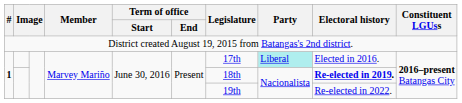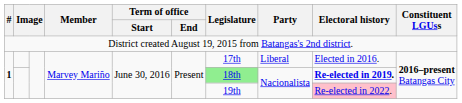 <table class="wikitable">
 <tr>
 <th rowspan="2">#</th>
 <th rowspan="2" colspan=2>Image</th>
 <th rowspan="2">Member</th>
 <th colspan="2">Term of office</th>
 <th rowspan="2">Legislature</th>
 <th rowspan="2">Party</th>
 <th rowspan="2">Electoral history</th>
 <th rowspan="2">Constituent<br><a href='#'>LGUs</a>s</th>
 </tr>
 <tr>
 <th>Start</th>
 <th>End</th>
 </tr>
 <tr>
 <td colspan="10" style="text-align:center;">District created August 19, 2015 from <a href='#'>Batangas's 2nd district</a>.</td>
 </tr>
 <tr>
 <td rowspan="3" style="text-align:center;"><strong>1</strong></td>
 <td style="color:inherit;background:"></td>
 <td rowspan="3"></td>
 <td rowspan="3"><a href='#'>Marvey Mariño</a></td>
 <td rowspan="3">June 30, 2016</td>
 <td rowspan="3">Present</td>
 <td style="text-align:center;"><a href='#'>17th</a></td>
-<td style="background: paleturquoise;"><a href='#'>Liberal</a></td>
+<td><a href='#'>Liberal</a></td>
 <td><a href='#'>Elected in 2016</a>.</td>
 <td rowspan="3" style="text-align:center;"><strong>2016–present</strong><br><a href='#'>Batangas City</a></td>
 </tr>
 <tr>
 <td rowspan="2" style="color:inherit;background:"></td>
-<td style="text-align:center;"><a href='#'>18th</a></td>
+<td style="background: lightgreen; text-align:center;"><a href='#'>18th</a></td>
 <td rowspan="2"><a href='#'>Nacionalista</a></td>
 <td><strong><a href='#'>Re-elected in 2019</a>.</strong></td>
 </tr>
 <tr>
 <td style="text-align:center;"><a href='#'>19th</a></td>
-<td><a href='#'>Re-elected in 2022</a>.</td>
+<td style="background: pink;"><a href='#'>Re-elected in 2022</a>.</td>
 </tr>
 </table>
